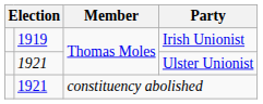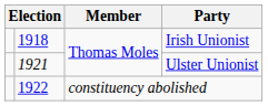 <table class="wikitable">
 <tr>
 <th colspan="2">Election</th>
 <th>Member</th>
 <th>Party</th>
 </tr>
 <tr>
 <td style="color:inherit;background-color: "></td>
-<td><a href='#'>1919</a></td>
+<td><a href='#'>1918</a></td>
 <td rowspan="2"><a href='#'>Thomas Moles</a></td>
 <td><a href='#'>Irish Unionist</a></td>
 </tr>
 <tr>
 <td style="color:inherit;background-color: "></td>
 <td><em>1921</em></td>
 <td><a href='#'>Ulster Unionist</a></td>
 </tr>
 <tr>
 <td></td>
-<td><a href='#'>1921</a></td>
+<td><a href='#'>1922</a></td>
 <td colspan="3"><em>constituency abolished</em></td>
 </tr>
 </table>
